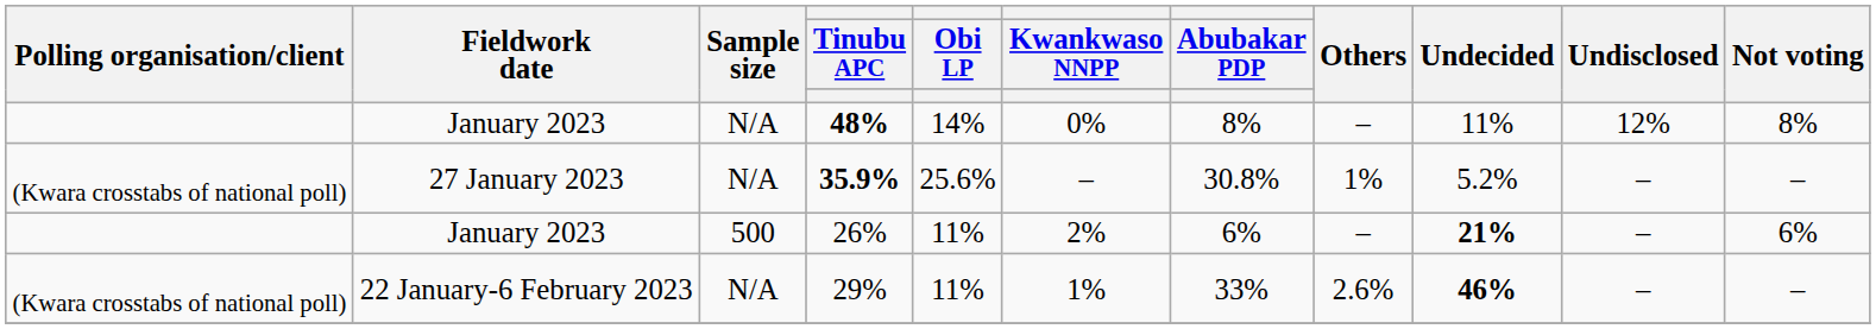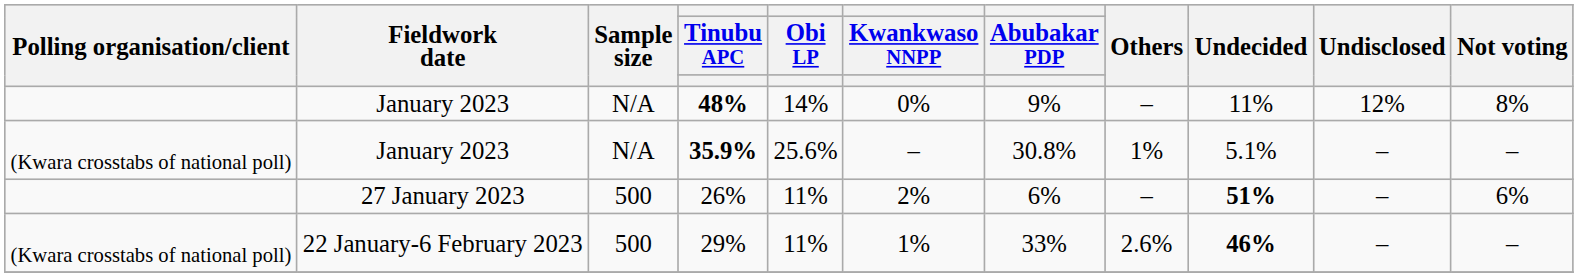 <table class="wikitable" style="text-align:center;font-size:95%;line-height:14px;">
 <tr>
 <th rowspan="3">Polling organisation/client</th>
 <th rowspan="3">Fieldwork<br>date</th>
 <th rowspan="3">Sample<br>size</th>
 <th></th>
 <th></th>
 <th></th>
 <th></th>
 <th rowspan="3">Others</th>
 <th rowspan="3">Undecided</th>
 <th rowspan="3">Undisclosed</th>
 <th rowspan="3">Not voting</th>
 </tr>
 <tr>
 <th><a href='#'>Tinubu</a><br><small><a href='#'>APC</a></small></th>
 <th><a href='#'>Obi</a><br><small><a href='#'>LP</a></small></th>
 <th><a href='#'>Kwankwaso</a><br><small><a href='#'>NNPP</a></small></th>
 <th><a href='#'>Abubakar</a><br><small><a href='#'>PDP</a></small></th>
 </tr>
 <tr>
 <th style="background:"></th>
 <th style="background:"></th>
 <th style="background:"></th>
 <th style="background:"></th>
 </tr>
 <tr>
 <td></td>
 <td>January 2023</td>
 <td>N/A</td>
 <td><strong>48%</strong></td>
 <td>14%</td>
 <td>0%</td>
-<td>8%</td>
+<td>9%</td>
 <td>–</td>
 <td>11%</td>
 <td>12%</td>
 <td>8%</td>
 </tr>
 <tr>
 <td><br><small>(Kwara crosstabs of national poll)</small></td>
-<td>27 January 2023</td>
+<td>January 2023</td>
 <td>N/A</td>
 <td><strong>35.9%</strong></td>
 <td>25.6%</td>
 <td>–</td>
 <td>30.8%</td>
 <td>1%</td>
-<td>5.2%</td>
+<td>5.1%</td>
 <td>–</td>
 <td>–</td>
 </tr>
 <tr>
 <td></td>
-<td>January 2023</td>
+<td>27 January 2023</td>
 <td>500</td>
 <td>26%</td>
 <td>11%</td>
 <td>2%</td>
 <td>6%</td>
 <td>–</td>
-<td><strong>21%</strong></td>
+<td><strong>51%</strong></td>
 <td>–</td>
 <td>6%</td>
 </tr>
 <tr>
 <td><br><small>(Kwara crosstabs of national poll)</small></td>
 <td>22 January-6 February 2023</td>
-<td>N/A</td>
+<td>500</td>
 <td>29%</td>
 <td>11%</td>
 <td>1%</td>
 <td>33%</td>
 <td>2.6%</td>
 <td><strong>46%</strong></td>
 <td>–</td>
 <td>–</td>
 </tr>
 <tr>
 </tr>
 </table>
